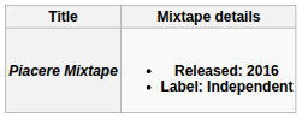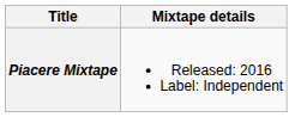 <table class="wikitable plainrowheaders" style="text-align:center;">
 <tr>
 <th scope="col">Title</th>
 <th scope="col">Mixtape details</th>
 </tr>
 <tr>
 <th scope="row"><em>Piacere Mixtape</em></th>
-<td><strong><br><ul><li>Released: 2016</li><li>Label: Independent</li></ul></strong></td>
+<td><br><ul><li>Released: 2016</li><li>Label: Independent</li></ul></td>
 </tr>
 </table>
